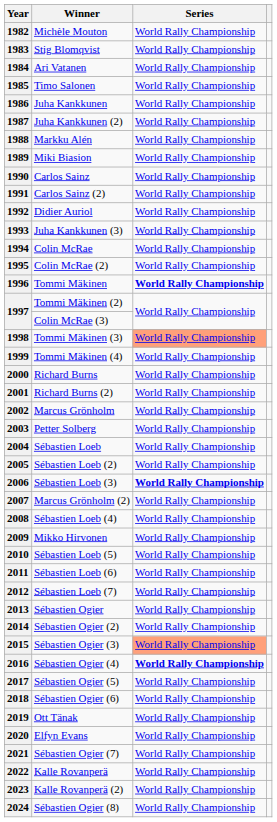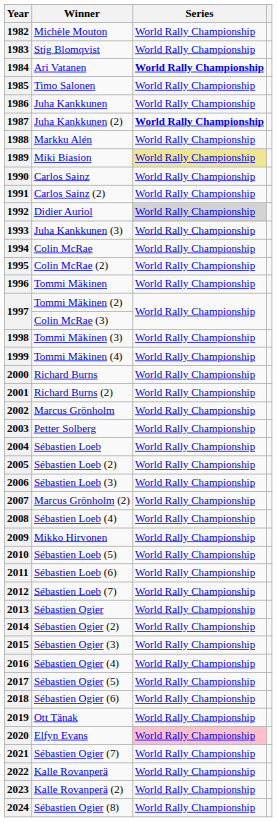 <table class="wikitable" style="font-size: 90%;">
 <tr>
 <th>Year</th>
 <th>Winner</th>
 <th>Series</th>
 <th></th>
 </tr>
 <tr>
 <th>1982</th>
 <td> <a href='#'>Michèle Mouton</a></td>
 <td><a href='#'>World Rally Championship</a></td>
 <td></td>
 </tr>
 <tr>
 <th>1983</th>
 <td> <a href='#'>Stig Blomqvist</a></td>
 <td><a href='#'>World Rally Championship</a></td>
 <td></td>
 </tr>
 <tr>
 <th>1984</th>
 <td> <a href='#'>Ari Vatanen</a></td>
-<td><a href='#'>World Rally Championship</a></td>
+<td><strong><a href='#'>World Rally Championship</a></strong></td>
 <td></td>
 </tr>
 <tr>
 <th>1985</th>
 <td> <a href='#'>Timo Salonen</a></td>
 <td><a href='#'>World Rally Championship</a></td>
 <td></td>
 </tr>
 <tr>
 <th>1986</th>
 <td> <a href='#'>Juha Kankkunen</a></td>
 <td><a href='#'>World Rally Championship</a></td>
 <td></td>
 </tr>
 <tr>
 <th>1987</th>
 <td> <a href='#'>Juha Kankkunen</a> (2)</td>
-<td><a href='#'>World Rally Championship</a></td>
+<td><strong><a href='#'>World Rally Championship</a></strong></td>
 <td></td>
 </tr>
 <tr>
 <th>1988</th>
 <td> <a href='#'>Markku Alén</a></td>
 <td><a href='#'>World Rally Championship</a></td>
 <td></td>
 </tr>
 <tr>
 <th>1989</th>
 <td> <a href='#'>Miki Biasion</a></td>
-<td><a href='#'>World Rally Championship</a></td>
+<td style="background: khaki;"><a href='#'>World Rally Championship</a></td>
 <td></td>
 </tr>
 <tr>
 <th>1990</th>
 <td> <a href='#'>Carlos Sainz</a></td>
 <td><a href='#'>World Rally Championship</a></td>
 <td></td>
 </tr>
 <tr>
 <th>1991</th>
 <td> <a href='#'>Carlos Sainz</a> (2)</td>
 <td><a href='#'>World Rally Championship</a></td>
 <td></td>
 </tr>
 <tr>
 <th>1992</th>
 <td> <a href='#'>Didier Auriol</a></td>
-<td><a href='#'>World Rally Championship</a></td>
+<td style="background: lightgrey;"><a href='#'>World Rally Championship</a></td>
 <td></td>
 </tr>
 <tr>
 <th>1993</th>
 <td> <a href='#'>Juha Kankkunen</a> (3)</td>
 <td><a href='#'>World Rally Championship</a></td>
 <td></td>
 </tr>
 <tr>
 <th>1994</th>
 <td> <a href='#'>Colin McRae</a></td>
 <td><a href='#'>World Rally Championship</a></td>
 <td></td>
 </tr>
 <tr>
 <th>1995</th>
 <td> <a href='#'>Colin McRae</a> (2)</td>
 <td><a href='#'>World Rally Championship</a></td>
 <td></td>
 </tr>
 <tr>
 <th>1996</th>
 <td> <a href='#'>Tommi Mäkinen</a></td>
-<td><strong><a href='#'>World Rally Championship</a></strong></td>
+<td><a href='#'>World Rally Championship</a></td>
 <td></td>
 </tr>
 <tr>
 <th rowspan=2>1997</th>
 <td> <a href='#'>Tommi Mäkinen</a> (2)</td>
 <td rowspan=2><a href='#'>World Rally Championship</a></td>
 <td rowspan=2></td>
 </tr>
 <tr>
 <td> <a href='#'>Colin McRae</a> (3)</td>
 </tr>
 <tr>
 <th>1998</th>
 <td> <a href='#'>Tommi Mäkinen</a> (3)</td>
-<td style="background: lightsalmon;"><a href='#'>World Rally Championship</a></td>
+<td><a href='#'>World Rally Championship</a></td>
 <td></td>
 </tr>
 <tr>
 <th>1999</th>
 <td> <a href='#'>Tommi Mäkinen</a> (4)</td>
 <td><a href='#'>World Rally Championship</a></td>
 <td></td>
 </tr>
 <tr>
 <th>2000</th>
 <td> <a href='#'>Richard Burns</a></td>
 <td><a href='#'>World Rally Championship</a></td>
 <td></td>
 </tr>
 <tr>
 <th>2001</th>
 <td> <a href='#'>Richard Burns</a> (2)</td>
 <td><a href='#'>World Rally Championship</a></td>
 <td></td>
 </tr>
 <tr>
 <th>2002</th>
 <td> <a href='#'>Marcus Grönholm</a></td>
 <td><a href='#'>World Rally Championship</a></td>
 <td></td>
 </tr>
 <tr>
 <th>2003</th>
 <td> <a href='#'>Petter Solberg</a></td>
 <td><a href='#'>World Rally Championship</a></td>
 <td></td>
 </tr>
 <tr>
 <th>2004</th>
 <td> <a href='#'>Sébastien Loeb</a></td>
 <td><a href='#'>World Rally Championship</a></td>
 <td></td>
 </tr>
 <tr>
 <th>2005</th>
 <td> <a href='#'>Sébastien Loeb</a> (2)</td>
 <td><a href='#'>World Rally Championship</a></td>
 <td></td>
 </tr>
 <tr>
 <th>2006</th>
 <td> <a href='#'>Sébastien Loeb</a> (3)</td>
-<td><strong><a href='#'>World Rally Championship</a></strong></td>
+<td><a href='#'>World Rally Championship</a></td>
 <td></td>
 </tr>
 <tr>
 <th>2007</th>
 <td> <a href='#'>Marcus Grönholm</a> (2)</td>
 <td><a href='#'>World Rally Championship</a></td>
 <td></td>
 </tr>
 <tr>
 <th>2008</th>
 <td> <a href='#'>Sébastien Loeb</a> (4)</td>
 <td><a href='#'>World Rally Championship</a></td>
 <td></td>
 </tr>
 <tr>
 <th>2009</th>
 <td> <a href='#'>Mikko Hirvonen</a></td>
 <td><a href='#'>World Rally Championship</a></td>
 <td></td>
 </tr>
 <tr>
 <th>2010</th>
 <td> <a href='#'>Sébastien Loeb</a> (5)</td>
 <td><a href='#'>World Rally Championship</a></td>
 <td></td>
 </tr>
 <tr>
 <th>2011</th>
 <td> <a href='#'>Sébastien Loeb</a> (6)</td>
 <td><a href='#'>World Rally Championship</a></td>
 <td></td>
 </tr>
 <tr>
 <th>2012</th>
 <td> <a href='#'>Sébastien Loeb</a> (7)</td>
 <td><a href='#'>World Rally Championship</a></td>
 <td></td>
 </tr>
 <tr>
 <th>2013</th>
 <td> <a href='#'>Sébastien Ogier</a></td>
 <td><a href='#'>World Rally Championship</a></td>
 <td></td>
 </tr>
 <tr>
 <th>2014</th>
 <td> <a href='#'>Sébastien Ogier</a> (2)</td>
 <td><a href='#'>World Rally Championship</a></td>
 <td></td>
 </tr>
 <tr>
 <th>2015</th>
 <td> <a href='#'>Sébastien Ogier</a> (3)</td>
-<td style="background: lightsalmon;"><a href='#'>World Rally Championship</a></td>
+<td><a href='#'>World Rally Championship</a></td>
 <td></td>
 </tr>
 <tr>
 <th>2016</th>
 <td> <a href='#'>Sébastien Ogier</a> (4)</td>
-<td><strong><a href='#'>World Rally Championship</a></strong></td>
+<td><a href='#'>World Rally Championship</a></td>
 <td></td>
 </tr>
 <tr>
 <th>2017</th>
 <td> <a href='#'>Sébastien Ogier</a> (5)</td>
 <td><a href='#'>World Rally Championship</a></td>
 <td></td>
 </tr>
 <tr>
 <th>2018</th>
 <td> <a href='#'>Sébastien Ogier</a> (6)</td>
 <td><a href='#'>World Rally Championship</a></td>
 <td></td>
 </tr>
 <tr>
 <th>2019</th>
 <td> <a href='#'>Ott Tänak</a></td>
 <td><a href='#'>World Rally Championship</a></td>
 <td></td>
 </tr>
 <tr>
 <th>2020</th>
 <td> <a href='#'>Elfyn Evans</a></td>
-<td><a href='#'>World Rally Championship</a></td>
+<td style="background: pink;"><a href='#'>World Rally Championship</a></td>
 <td></td>
 </tr>
 <tr>
 <th>2021</th>
 <td> <a href='#'>Sébastien Ogier</a> (7)</td>
 <td><a href='#'>World Rally Championship</a></td>
 <td></td>
 </tr>
 <tr>
 <th>2022</th>
 <td> <a href='#'>Kalle Rovanperä</a></td>
 <td><a href='#'>World Rally Championship</a></td>
 <td></td>
 </tr>
 <tr>
 <th>2023</th>
 <td> <a href='#'>Kalle Rovanperä</a> (2)</td>
 <td><a href='#'>World Rally Championship</a></td>
 <td></td>
 </tr>
 <tr>
 <th>2024</th>
 <td> <a href='#'>Sébastien Ogier</a> (8)</td>
 <td><a href='#'>World Rally Championship</a></td>
 <td></td>
 </tr>
 </table>
